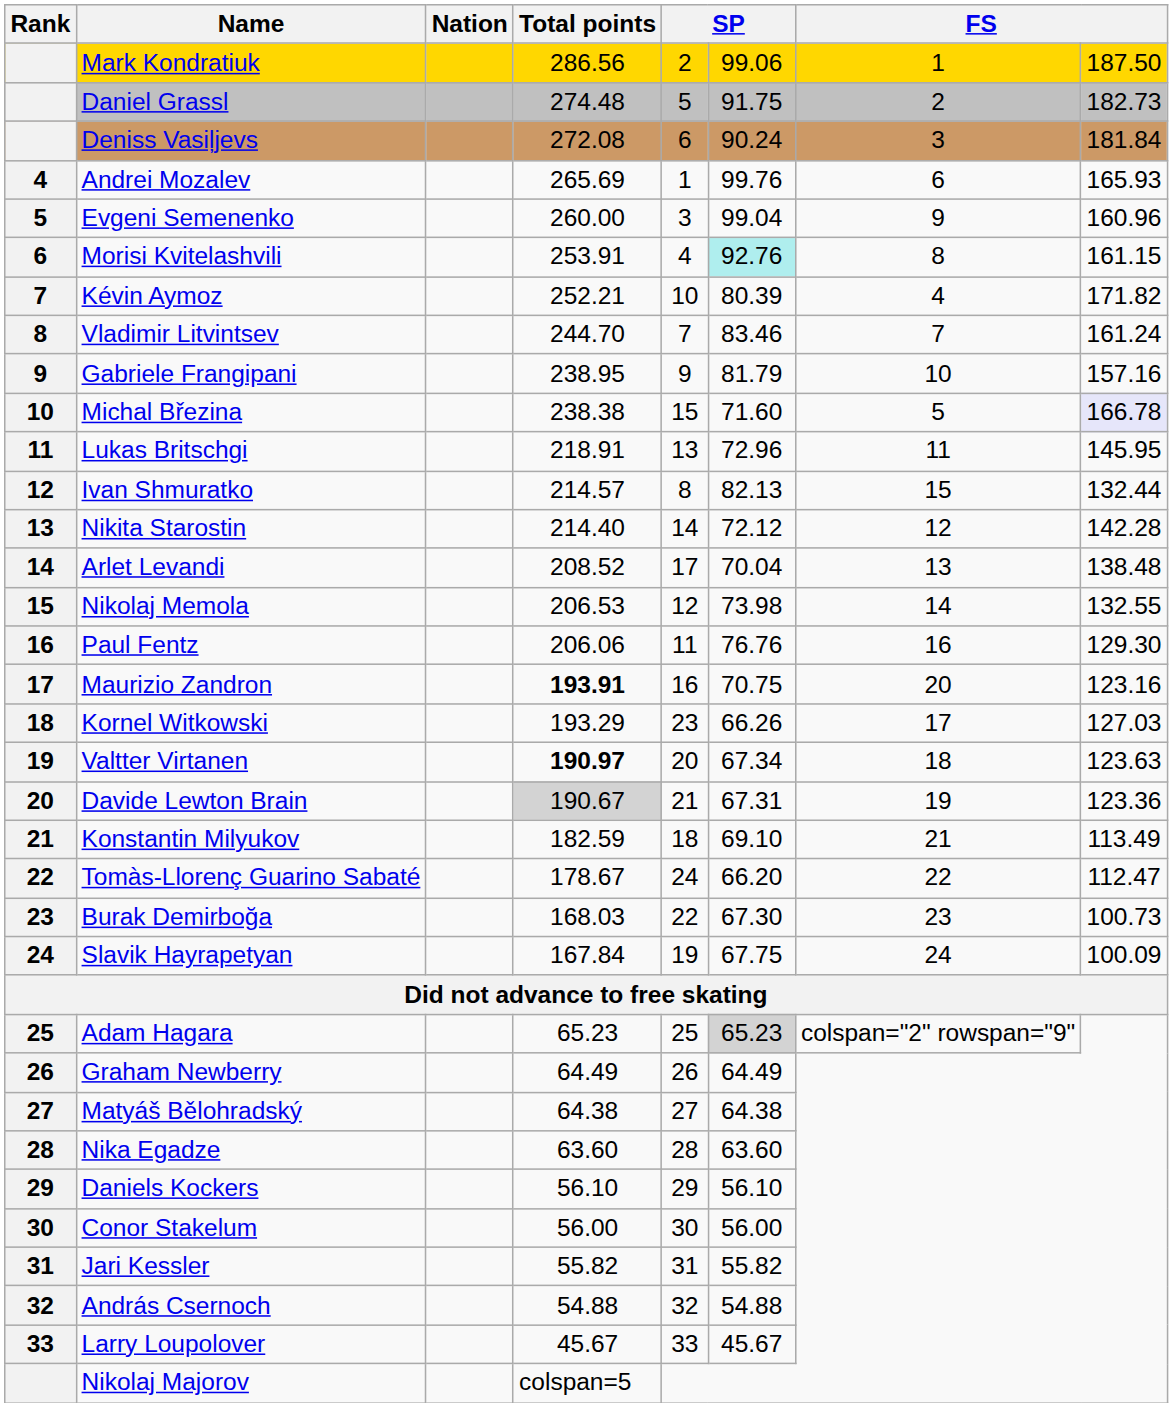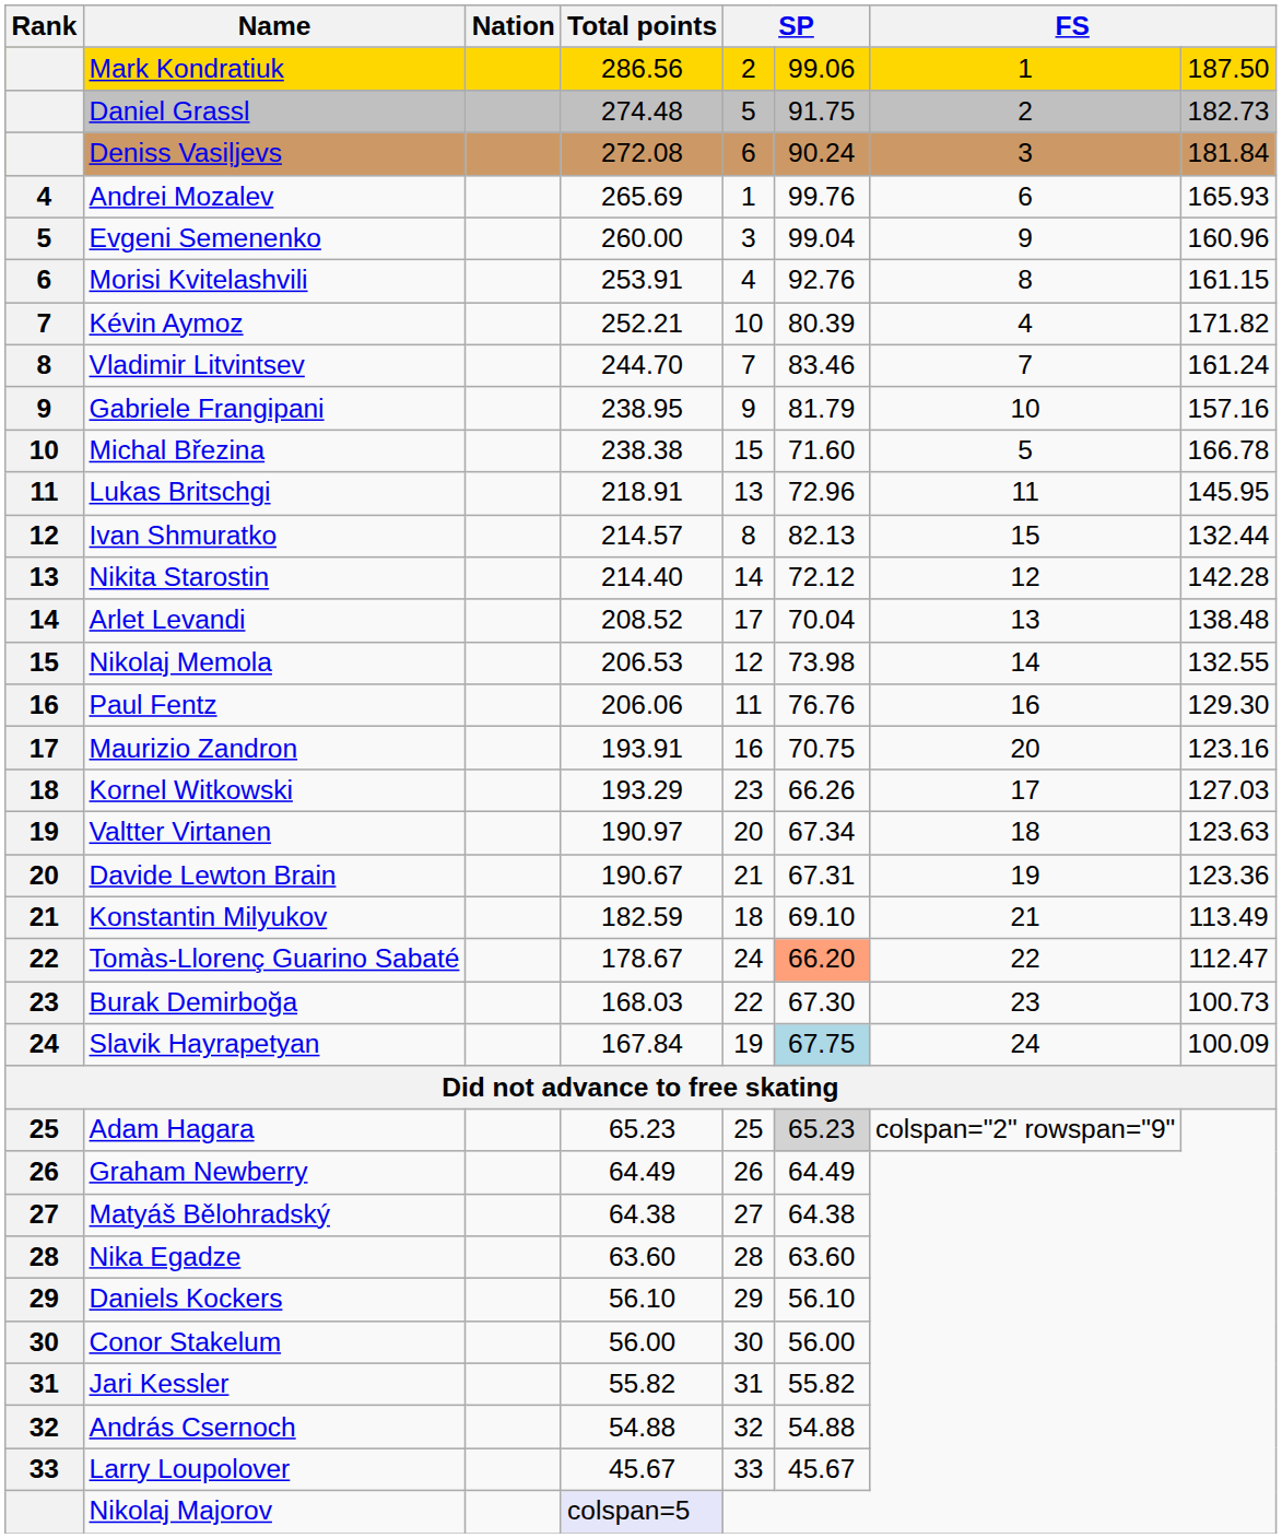 <table class="wikitable sortable" style="text-align:left">
 <tr>
 <th scope="col">Rank</th>
 <th scope="col">Name</th>
 <th scope="col">Nation</th>
 <th scope="col">Total points</th>
 <th scope="col" colspan="2" width="80px"><a href='#'>SP</a></th>
 <th scope="col" colspan="2" width="80px"><a href='#'>FS</a></th>
 </tr>
 <tr bgcolor="gold">
 <th scope="row"></th>
 <td><a href='#'>Mark Kondratiuk</a></td>
 <td></td>
 <td align="center">286.56</td>
 <td align="center">2</td>
 <td align="center">99.06</td>
 <td align="center">1</td>
 <td align="center">187.50</td>
 </tr>
 <tr bgcolor="silver">
 <th scope="row"></th>
 <td><a href='#'>Daniel Grassl</a></td>
 <td></td>
 <td align="center">274.48</td>
 <td align="center">5</td>
 <td align="center">91.75</td>
 <td align="center">2</td>
 <td align="center">182.73</td>
 </tr>
 <tr bgcolor="#cc9966">
 <th scope="row"></th>
 <td><a href='#'>Deniss Vasiļjevs</a></td>
 <td></td>
 <td align="center">272.08</td>
 <td align="center">6</td>
 <td align="center">90.24</td>
 <td align="center">3</td>
 <td align="center">181.84</td>
 </tr>
 <tr>
 <th scope="row">4</th>
 <td><a href='#'>Andrei Mozalev</a></td>
 <td></td>
 <td align="center">265.69</td>
 <td align="center">1</td>
 <td align="center">99.76</td>
 <td align="center">6</td>
 <td align="center">165.93</td>
 </tr>
 <tr>
 <th scope="row">5</th>
 <td><a href='#'>Evgeni Semenenko</a></td>
 <td></td>
 <td align="center">260.00</td>
 <td align="center">3</td>
 <td align="center">99.04</td>
 <td align="center">9</td>
 <td align="center">160.96</td>
 </tr>
 <tr>
 <th scope="row">6</th>
 <td><a href='#'>Morisi Kvitelashvili</a></td>
 <td></td>
 <td align="center">253.91</td>
 <td align="center">4</td>
-<td align="center" style="background: paleturquoise;">92.76</td>
+<td align="center">92.76</td>
 <td align="center">8</td>
 <td align="center">161.15</td>
 </tr>
 <tr>
 <th scope="row">7</th>
 <td><a href='#'>Kévin Aymoz</a></td>
 <td></td>
 <td align="center">252.21</td>
 <td align="center">10</td>
 <td align="center">80.39</td>
 <td align="center">4</td>
 <td align="center">171.82</td>
 </tr>
 <tr>
 <th scope="row">8</th>
 <td><a href='#'>Vladimir Litvintsev</a></td>
 <td></td>
 <td align="center">244.70</td>
 <td align="center">7</td>
 <td align="center">83.46</td>
 <td align="center">7</td>
 <td align="center">161.24</td>
 </tr>
 <tr>
 <th scope="row">9</th>
 <td><a href='#'>Gabriele Frangipani</a></td>
 <td></td>
 <td align="center">238.95</td>
 <td align="center">9</td>
 <td align="center">81.79</td>
 <td align="center">10</td>
 <td align="center">157.16</td>
 </tr>
 <tr>
 <th scope="row">10</th>
 <td><a href='#'>Michal Březina</a></td>
 <td></td>
 <td align="center">238.38</td>
 <td align="center">15</td>
 <td align="center">71.60</td>
 <td align="center">5</td>
-<td align="center" style="background: lavender;">166.78</td>
+<td align="center">166.78</td>
 </tr>
 <tr>
 <th scope="row">11</th>
 <td><a href='#'>Lukas Britschgi</a></td>
 <td></td>
 <td align="center">218.91</td>
 <td align="center">13</td>
 <td align="center">72.96</td>
 <td align="center">11</td>
 <td align="center">145.95</td>
 </tr>
 <tr>
 <th scope="row">12</th>
 <td><a href='#'>Ivan Shmuratko</a></td>
 <td></td>
 <td align="center">214.57</td>
 <td align="center">8</td>
 <td align="center">82.13</td>
 <td align="center">15</td>
 <td align="center">132.44</td>
 </tr>
 <tr>
 <th scope="row">13</th>
 <td><a href='#'>Nikita Starostin</a></td>
 <td></td>
 <td align="center">214.40</td>
 <td align="center">14</td>
 <td align="center">72.12</td>
 <td align="center">12</td>
 <td align="center">142.28</td>
 </tr>
 <tr>
 <th scope="row">14</th>
 <td><a href='#'>Arlet Levandi</a></td>
 <td></td>
 <td align="center">208.52</td>
 <td align="center">17</td>
 <td align="center">70.04</td>
 <td align="center">13</td>
 <td align="center">138.48</td>
 </tr>
 <tr>
 <th scope="row">15</th>
 <td><a href='#'>Nikolaj Memola</a></td>
 <td></td>
 <td align="center">206.53</td>
 <td align="center">12</td>
 <td align="center">73.98</td>
 <td align="center">14</td>
 <td align="center">132.55</td>
 </tr>
 <tr>
 <th scope="row">16</th>
 <td><a href='#'>Paul Fentz</a></td>
 <td></td>
 <td align="center">206.06</td>
 <td align="center">11</td>
 <td align="center">76.76</td>
 <td align="center">16</td>
 <td align="center">129.30</td>
 </tr>
 <tr>
 <th scope="row">17</th>
 <td><a href='#'>Maurizio Zandron</a></td>
 <td></td>
-<td align="center"><strong>193.91</strong></td>
+<td align="center">193.91</td>
 <td align="center">16</td>
 <td align="center">70.75</td>
 <td align="center">20</td>
 <td align="center">123.16</td>
 </tr>
 <tr>
 <th scope="row">18</th>
 <td><a href='#'>Kornel Witkowski</a></td>
 <td></td>
 <td align="center">193.29</td>
 <td align="center">23</td>
 <td align="center">66.26</td>
 <td align="center">17</td>
 <td align="center">127.03</td>
 </tr>
 <tr>
 <th scope="row">19</th>
 <td><a href='#'>Valtter Virtanen</a></td>
 <td></td>
-<td align="center"><strong>190.97</strong></td>
+<td align="center">190.97</td>
 <td align="center">20</td>
 <td align="center">67.34</td>
 <td align="center">18</td>
 <td align="center">123.63</td>
 </tr>
 <tr>
 <th scope="row">20</th>
 <td><a href='#'>Davide Lewton Brain</a></td>
 <td></td>
-<td align="center" style="background: lightgrey;">190.67</td>
+<td align="center">190.67</td>
 <td align="center">21</td>
 <td align="center">67.31</td>
 <td align="center">19</td>
 <td align="center">123.36</td>
 </tr>
 <tr>
 <th scope="row">21</th>
 <td><a href='#'>Konstantin Milyukov</a></td>
 <td></td>
 <td align="center">182.59</td>
 <td align="center">18</td>
 <td align="center">69.10</td>
 <td align="center">21</td>
 <td align="center">113.49</td>
 </tr>
 <tr>
 <th scope="row">22</th>
 <td><a href='#'>Tomàs-Llorenç Guarino Sabaté</a></td>
 <td></td>
 <td align="center">178.67</td>
 <td align="center">24</td>
-<td align="center">66.20</td>
+<td align="center" style="background: lightsalmon;">66.20</td>
 <td align="center">22</td>
 <td align="center">112.47</td>
 </tr>
 <tr>
 <th scope="row">23</th>
 <td><a href='#'>Burak Demirboğa</a></td>
 <td></td>
 <td align="center">168.03</td>
 <td align="center">22</td>
 <td align="center">67.30</td>
 <td align="center">23</td>
 <td align="center">100.73</td>
 </tr>
 <tr>
 <th scope="row">24</th>
 <td><a href='#'>Slavik Hayrapetyan</a></td>
 <td></td>
 <td align="center">167.84</td>
 <td align="center">19</td>
-<td align="center">67.75</td>
+<td align="center" style="background: lightblue;">67.75</td>
 <td align="center">24</td>
 <td align="center">100.09</td>
 </tr>
 <tr>
 <th colspan=8>Did not advance to free skating</th>
 </tr>
 <tr>
 <th scope="row">25</th>
 <td><a href='#'>Adam Hagara</a></td>
 <td></td>
 <td align="center">65.23</td>
 <td align="center">25</td>
 <td align="center" style="background: lightgrey;">65.23</td>
 <td>colspan="2" rowspan="9" </td>
 </tr>
 <tr>
 <th scope="row">26</th>
 <td><a href='#'>Graham Newberry</a></td>
 <td></td>
 <td align="center">64.49</td>
 <td align="center">26</td>
 <td align="center">64.49</td>
 </tr>
 <tr>
 <th scope="row">27</th>
 <td><a href='#'>Matyáš Bělohradský</a></td>
 <td></td>
 <td align="center">64.38</td>
 <td align="center">27</td>
 <td align="center">64.38</td>
 </tr>
 <tr>
 <th scope="row">28</th>
 <td><a href='#'>Nika Egadze</a></td>
 <td></td>
 <td align="center">63.60</td>
 <td align="center">28</td>
 <td align="center">63.60</td>
 </tr>
 <tr>
 <th scope="row">29</th>
 <td><a href='#'>Daniels Kockers</a></td>
 <td></td>
 <td align="center">56.10</td>
 <td align="center">29</td>
 <td align="center">56.10</td>
 </tr>
 <tr>
 <th scope="row">30</th>
 <td><a href='#'>Conor Stakelum</a></td>
 <td></td>
 <td align="center">56.00</td>
 <td align="center">30</td>
 <td align="center">56.00</td>
 </tr>
 <tr>
 <th scope="row">31</th>
 <td><a href='#'>Jari Kessler</a></td>
 <td></td>
 <td align="center">55.82</td>
 <td align="center">31</td>
 <td align="center">55.82</td>
 </tr>
 <tr>
 <th scope="row">32</th>
 <td><a href='#'>András Csernoch</a></td>
 <td></td>
 <td align="center">54.88</td>
 <td align="center">32</td>
 <td align="center">54.88</td>
 </tr>
 <tr>
 <th scope="row">33</th>
 <td><a href='#'>Larry Loupolover</a></td>
 <td></td>
 <td align="center">45.67</td>
 <td align="center">33</td>
 <td align="center">45.67</td>
 </tr>
 <tr>
 <th scope="row"></th>
 <td><a href='#'>Nikolaj Majorov</a></td>
 <td></td>
-<td>colspan=5 </td>
+<td style="background: lavender;">colspan=5 </td>
 </tr>
 </table>
